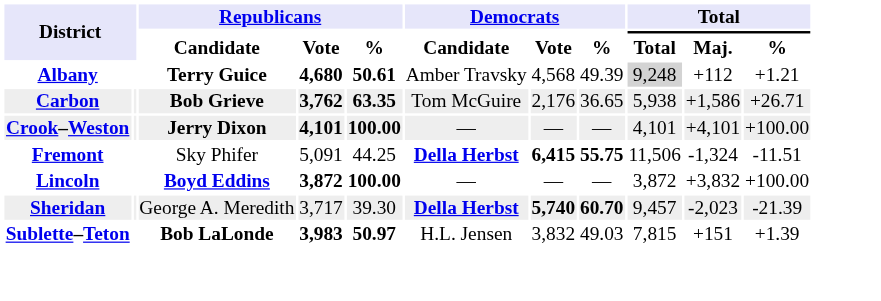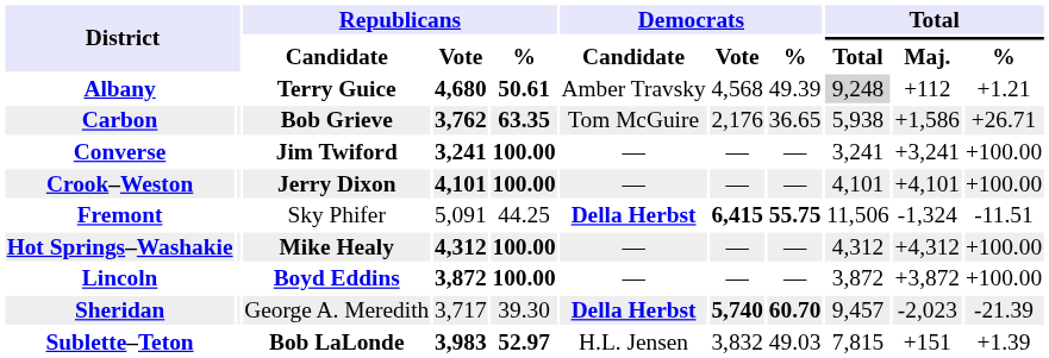 <table class="toccolours sortable" style="text-align:center;">
 <tr style="background:lavender">
 <th rowspan="3" colspan="2">District</th>
 <th colspan=3><a href='#'>Republicans</a></th>
 <th colspan=3><a href='#'>Democrats</a></th>
 <th colspan=3>Total</th>
 </tr>
 <tr>
 <th colspan=3 style="background-color:"></th>
 <th colspan=3 style="background-color:"></th>
 <th colspan=3 style="background-color:#000000"></th>
 </tr>
 <tr>
 <th align="center">Candidate</th>
 <th align="center">Vote</th>
 <th align="center">%</th>
 <th align="center">Candidate</th>
 <th align="center">Vote</th>
 <th align="center">%</th>
 <th align="center">Total</th>
 <th align="center">Maj.</th>
 <th align="center">%</th>
 </tr>
 <tr>
 <th><a href='#'>Albany</a></th>
 <td style="background-color:"></td>
 <td><strong>Terry Guice</strong></td>
 <td><strong>4,680</strong></td>
 <td><strong>50.61</strong></td>
 <td>Amber Travsky</td>
 <td>4,568</td>
 <td>49.39</td>
 <td style="background: lightgrey;">9,248</td>
 <td>+112</td>
 <td>+1.21</td>
 </tr>
 <tr style="background:#EEEEEE;">
 <th><a href='#'>Carbon</a></th>
 <td style="background-color:"></td>
 <td><strong>Bob Grieve</strong></td>
 <td><strong>3,762</strong></td>
 <td><strong>63.35</strong></td>
 <td>Tom McGuire</td>
 <td>2,176</td>
 <td>36.65</td>
 <td>5,938</td>
 <td>+1,586</td>
 <td>+26.71</td>
 </tr>
+<tr>
+<th><a href='#'>Converse</a></th>
+<td style="background-color:"></td>
+<td><strong>Jim Twiford</strong></td>
+<td><strong>3,241</strong></td>
+<td><strong>100.00</strong></td>
+<td>—</td>
+<td>—</td>
+<td>—</td>
+<td>3,241</td>
+<td>+3,241</td>
+<td>+100.00</td>
+</tr>
 <tr style="background:#EEEEEE;">
 <th><a href='#'>Crook</a>–<a href='#'>Weston</a></th>
 <td style="background-color:"></td>
 <td><strong>Jerry Dixon</strong></td>
 <td><strong>4,101</strong></td>
 <td><strong>100.00</strong></td>
 <td>—</td>
 <td>—</td>
 <td>—</td>
 <td>4,101</td>
 <td>+4,101</td>
 <td>+100.00</td>
 </tr>
 <tr>
 <th><a href='#'>Fremont</a></th>
 <td style="background-color:"></td>
 <td>Sky Phifer</td>
 <td>5,091</td>
 <td>44.25</td>
 <td><strong><a href='#'>Della Herbst</a></strong></td>
 <td><strong>6,415</strong></td>
 <td><strong>55.75</strong></td>
 <td>11,506</td>
 <td>-1,324</td>
 <td>-11.51</td>
 </tr>
+<tr style="background:#EEEEEE;">
+<th><a href='#'>Hot Springs</a>–<a href='#'>Washakie</a></th>
+<td style="background-color:"></td>
+<td><strong>Mike Healy</strong></td>
+<td><strong>4,312</strong></td>
+<td><strong>100.00</strong></td>
+<td>—</td>
+<td>—</td>
+<td>—</td>
+<td>4,312</td>
+<td>+4,312</td>
+<td>+100.00</td>
+</tr>
 <tr>
 <th><a href='#'>Lincoln</a></th>
 <td style="background-color:"></td>
 <td><strong><a href='#'>Boyd Eddins</a></strong></td>
 <td><strong>3,872</strong></td>
 <td><strong>100.00</strong></td>
 <td>—</td>
 <td>—</td>
 <td>—</td>
 <td>3,872</td>
-<td>+3,832</td>
+<td>+3,872</td>
 <td>+100.00</td>
 </tr>
 <tr style="background:#EEEEEE;">
 <th><a href='#'>Sheridan</a></th>
 <td style="background-color:"></td>
 <td>George A. Meredith</td>
 <td>3,717</td>
 <td>39.30</td>
 <td><strong><a href='#'>Della Herbst</a></strong></td>
 <td><strong>5,740</strong></td>
 <td><strong>60.70</strong></td>
 <td>9,457</td>
 <td>-2,023</td>
 <td>-21.39</td>
 </tr>
 <tr>
 <th><a href='#'>Sublette</a>–<a href='#'>Teton</a></th>
 <td style="background-color:"></td>
 <td><strong>Bob LaLonde</strong></td>
 <td><strong>3,983</strong></td>
-<td><strong>50.97</strong></td>
+<td><strong>52.97</strong></td>
 <td>H.L. Jensen</td>
 <td>3,832</td>
 <td>49.03</td>
 <td>7,815</td>
 <td>+151</td>
 <td>+1.39</td>
 </tr>
 <tr>
 </tr>
 </table>
